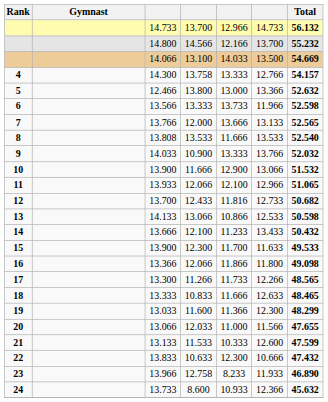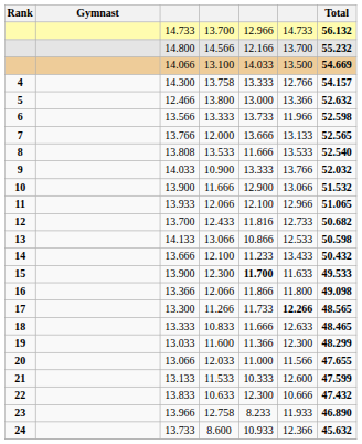 <table class="wikitable sortable" style="text-align:center; font-size:100%">
 <tr>
 <th scope="col" style="width:15px;">Rank</th>
 <th scope="col" style="width:175px;">Gymnast</th>
 <th scope="col" style="width:50px;"></th>
 <th scope="col" style="width:50px;"></th>
 <th scope="col" style="width:50px;"></th>
 <th scope="col" style="width:50px;"></th>
 <th scope="col" style="width:50px;">Total</th>
 </tr>
 <tr style="background:#fffcaf;">
 <td scope="row" style="text-align:center;"><strong></strong></td>
 <td align=left></td>
 <td>14.733</td>
 <td>13.700</td>
 <td>12.966</td>
 <td>14.733</td>
 <td><strong>56.132</strong></td>
 </tr>
 <tr style="background:#e5e5e5;">
 <td scope="row" style="text-align:center;"><strong></strong></td>
 <td align=left></td>
 <td>14.800</td>
 <td>14.566</td>
 <td>12.166</td>
 <td>13.700</td>
 <td><strong>55.232</strong></td>
 </tr>
 <tr style="background:#ec9;">
 <td scope="row" style="text-align:center;"><strong></strong></td>
 <td align=left></td>
 <td>14.066</td>
 <td>13.100</td>
 <td>14.033</td>
 <td>13.500</td>
 <td><strong>54.669</strong></td>
 </tr>
 <tr>
 <td><strong>4</strong></td>
 <td align=left></td>
 <td>14.300</td>
 <td>13.758</td>
 <td>13.333</td>
 <td>12.766</td>
 <td><strong>54.157</strong></td>
 </tr>
 <tr>
 <td><strong>5</strong></td>
 <td align=left></td>
 <td>12.466</td>
 <td>13.800</td>
 <td>13.000</td>
 <td>13.366</td>
 <td><strong>52.632</strong></td>
 </tr>
 <tr>
 <td><strong>6</strong></td>
 <td align=left></td>
 <td>13.566</td>
 <td>13.333</td>
 <td>13.733</td>
 <td>11.966</td>
 <td><strong>52.598</strong></td>
 </tr>
 <tr>
 <td><strong>7</strong></td>
 <td align=left></td>
 <td>13.766</td>
 <td>12.000</td>
 <td>13.666</td>
 <td>13.133</td>
 <td><strong>52.565</strong></td>
 </tr>
 <tr>
 <td><strong>8</strong></td>
 <td align=left></td>
 <td>13.808</td>
 <td>13.533</td>
 <td>11.666</td>
 <td>13.533</td>
 <td><strong>52.540</strong></td>
 </tr>
 <tr>
 <td><strong>9</strong></td>
 <td align=left></td>
 <td>14.033</td>
 <td>10.900</td>
 <td>13.333</td>
 <td>13.766</td>
 <td><strong>52.032</strong></td>
 </tr>
 <tr>
 <td><strong>10</strong></td>
 <td align=left></td>
 <td>13.900</td>
 <td>11.666</td>
 <td>12.900</td>
 <td>13.066</td>
 <td><strong>51.532</strong></td>
 </tr>
 <tr>
 <td><strong>11</strong></td>
 <td align=left></td>
 <td>13.933</td>
 <td>12.066</td>
 <td>12.100</td>
 <td>12.966</td>
 <td><strong>51.065</strong></td>
 </tr>
 <tr>
 <td><strong>12</strong></td>
 <td align=left></td>
 <td>13.700</td>
 <td>12.433</td>
 <td>11.816</td>
 <td>12.733</td>
 <td><strong>50.682</strong></td>
 </tr>
 <tr>
 <td><strong>13</strong></td>
 <td align=left></td>
 <td>14.133</td>
 <td>13.066</td>
 <td>10.866</td>
 <td>12.533</td>
 <td><strong>50.598</strong></td>
 </tr>
 <tr>
 <td><strong>14</strong></td>
 <td align=left></td>
 <td>13.666</td>
 <td>12.100</td>
 <td>11.233</td>
 <td>13.433</td>
 <td><strong>50.432</strong></td>
 </tr>
 <tr>
 <td><strong>15</strong></td>
 <td align=left></td>
 <td>13.900</td>
 <td>12.300</td>
-<td>11.700</td>
+<td><strong>11.700</strong></td>
 <td>11.633</td>
 <td><strong>49.533</strong></td>
 </tr>
 <tr>
 <td><strong>16</strong></td>
 <td align=left></td>
 <td>13.366</td>
 <td>12.066</td>
 <td>11.866</td>
 <td>11.800</td>
 <td><strong>49.098</strong></td>
 </tr>
 <tr>
 <td><strong>17</strong></td>
 <td align=left></td>
 <td>13.300</td>
 <td>11.266</td>
 <td>11.733</td>
-<td>12.266</td>
+<td><strong>12.266</strong></td>
 <td><strong>48.565</strong></td>
 </tr>
 <tr>
 <td><strong>18</strong></td>
 <td align=left></td>
 <td>13.333</td>
 <td>10.833</td>
 <td>11.666</td>
 <td>12.633</td>
 <td><strong>48.465</strong></td>
 </tr>
 <tr>
 <td><strong>19</strong></td>
 <td align=left></td>
 <td>13.033</td>
 <td>11.600</td>
 <td>11.366</td>
 <td>12.300</td>
 <td><strong>48.299</strong></td>
 </tr>
 <tr>
 <td><strong>20</strong></td>
 <td align=left></td>
 <td>13.066</td>
 <td>12.033</td>
 <td>11.000</td>
 <td>11.566</td>
 <td><strong>47.655</strong></td>
 </tr>
 <tr>
 <td><strong>21</strong></td>
 <td align=left></td>
 <td>13.133</td>
 <td>11.533</td>
 <td>10.333</td>
 <td>12.600</td>
 <td><strong>47.599</strong></td>
 </tr>
 <tr>
 <td><strong>22</strong></td>
 <td align=left></td>
 <td>13.833</td>
 <td>10.633</td>
 <td>12.300</td>
 <td>10.666</td>
 <td><strong>47.432</strong></td>
 </tr>
 <tr>
 <td><strong>23</strong></td>
 <td align=left></td>
 <td>13.966</td>
 <td>12.758</td>
 <td>8.233</td>
 <td>11.933</td>
 <td><strong>46.890</strong></td>
 </tr>
 <tr>
 <td><strong>24</strong></td>
 <td align=left></td>
 <td>13.733</td>
 <td>8.600</td>
 <td>10.933</td>
 <td>12.366</td>
 <td><strong>45.632</strong></td>
 </tr>
 <tr>
 </tr>
 </table>
